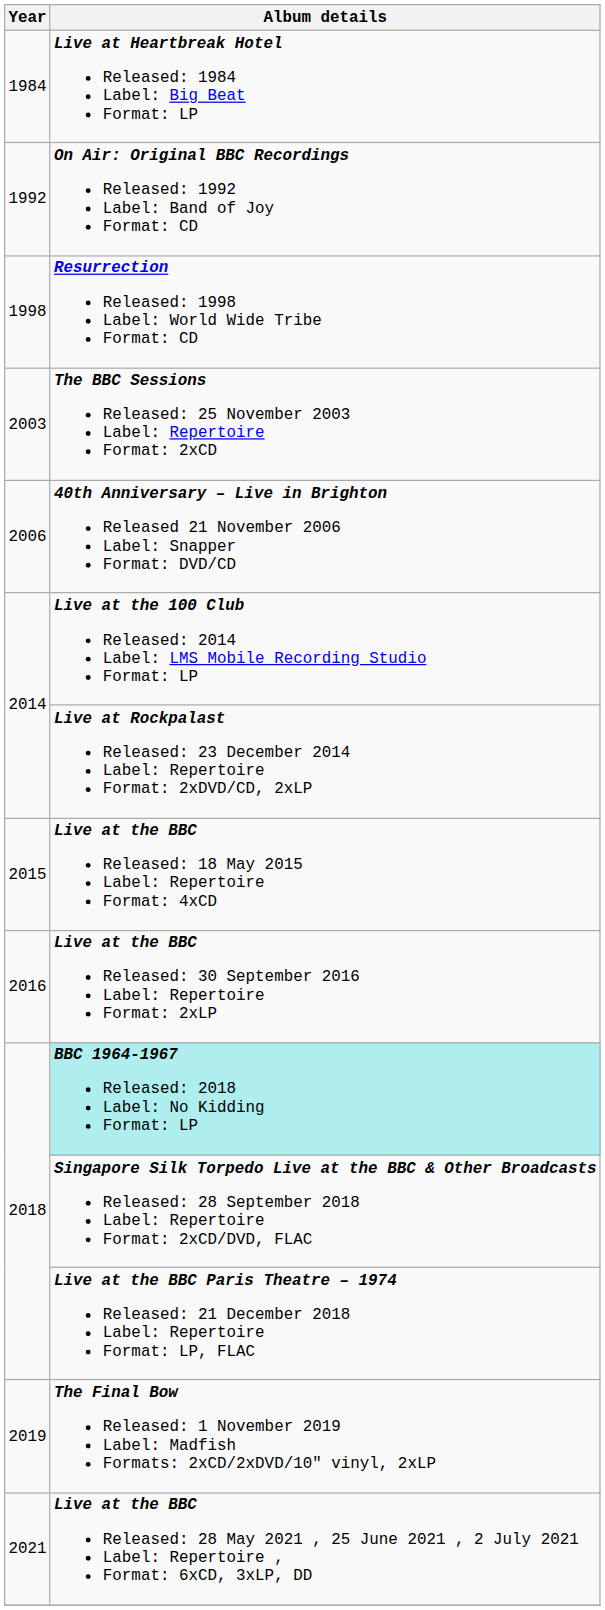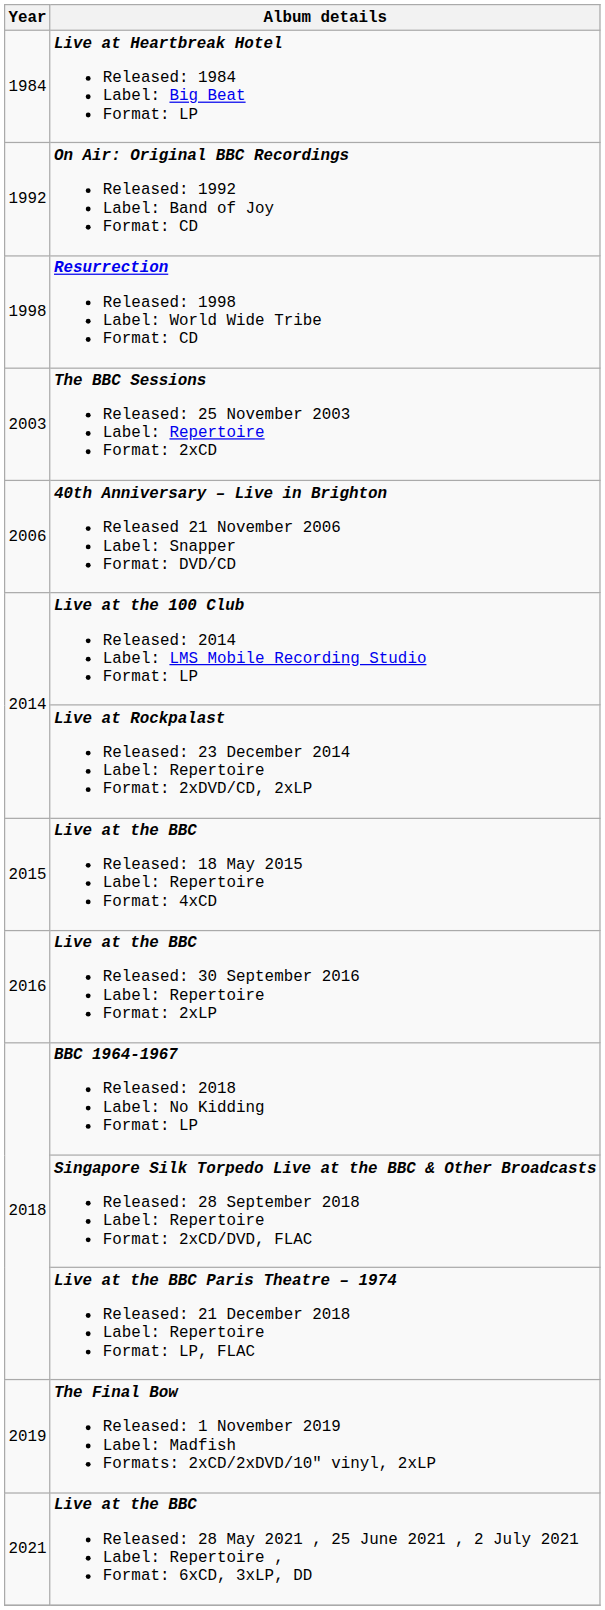 <table class="wikitable">
 <tr>
 <th>Year</th>
 <th>Album details</th>
 </tr>
 <tr>
 <td>1984</td>
 <td><strong><em>Live at Heartbreak Hotel</em></strong><br><ul><li>Released: 1984</li><li>Label: <a href='#'>Big Beat</a> </li><li>Format: LP</li></ul></td>
 </tr>
 <tr>
 <td>1992</td>
 <td><strong><em>On Air: Original BBC Recordings</em></strong><br><ul><li>Released: 1992</li><li>Label: Band of Joy </li><li>Format: CD</li></ul></td>
 </tr>
 <tr>
 <td>1998</td>
 <td><strong><em><a href='#'>Resurrection</a></em></strong><br><ul><li>Released: 1998</li><li>Label: World Wide Tribe </li><li>Format: CD</li></ul></td>
 </tr>
 <tr>
 <td>2003</td>
 <td><strong><em>The BBC Sessions</em></strong><br><ul><li>Released: 25 November 2003</li><li>Label: <a href='#'>Repertoire</a> </li><li>Format: 2xCD</li></ul></td>
 </tr>
 <tr>
 <td>2006</td>
 <td><strong><em>40th Anniversary – Live in Brighton</em></strong><br><ul><li>Released 21 November 2006</li><li>Label: Snapper </li><li>Format: DVD/CD</li></ul></td>
 </tr>
 <tr>
 <td rowspan="2">2014</td>
 <td><strong><em>Live at the 100 Club</em></strong><br><ul><li>Released: 2014</li><li>Label: <a href='#'>LMS Mobile Recording Studio</a> </li><li>Format: LP</li></ul></td>
 </tr>
 <tr>
 <td><strong><em>Live at Rockpalast</em></strong><br><ul><li>Released: 23 December 2014</li><li>Label: Repertoire </li><li>Format: 2xDVD/CD, 2xLP</li></ul></td>
 </tr>
 <tr>
 <td>2015</td>
 <td><strong><em>Live at the BBC</em></strong><br><ul><li>Released: 18 May 2015</li><li>Label: Repertoire </li><li>Format: 4xCD</li></ul></td>
 </tr>
 <tr>
 <td>2016</td>
 <td><strong><em>Live at the BBC</em></strong><br><ul><li>Released: 30 September 2016</li><li>Label: Repertoire </li><li>Format: 2xLP</li></ul></td>
 </tr>
 <tr>
 <td rowspan="3">2018</td>
-<td style="background: paleturquoise;"><strong><em>BBC 1964-1967</em></strong><br><ul><li>Released: 2018</li><li>Label: No Kidding </li><li>Format: LP</li></ul></td>
+<td><strong><em>BBC 1964-1967</em></strong><br><ul><li>Released: 2018</li><li>Label: No Kidding </li><li>Format: LP</li></ul></td>
 </tr>
 <tr>
 <td><strong><em>Singapore Silk Torpedo Live at the BBC & Other Broadcasts</em></strong><br><ul><li>Released: 28 September 2018</li><li>Label: Repertoire </li><li>Format: 2xCD/DVD, FLAC</li></ul></td>
 </tr>
 <tr>
 <td><strong><em>Live at the BBC Paris Theatre – 1974</em></strong><br><ul><li>Released: 21 December 2018</li><li>Label: Repertoire </li><li>Format: LP, FLAC</li></ul></td>
 </tr>
 <tr>
 <td>2019</td>
 <td><strong><em>The Final Bow</em></strong><br><ul><li>Released: 1 November 2019</li><li>Label: Madfish </li><li>Formats: 2xCD/2xDVD/10" vinyl, 2xLP</li></ul></td>
 </tr>
 <tr>
 <td>2021</td>
 <td><strong><em>Live at the BBC</em></strong><br><ul><li>Released: 28 May 2021 , 25 June 2021 , 2 July 2021 </li><li>Label: Repertoire , </li><li>Format: 6xCD, 3xLP, DD</li></ul></td>
 </tr>
 <tr>
 </tr>
 </table>
